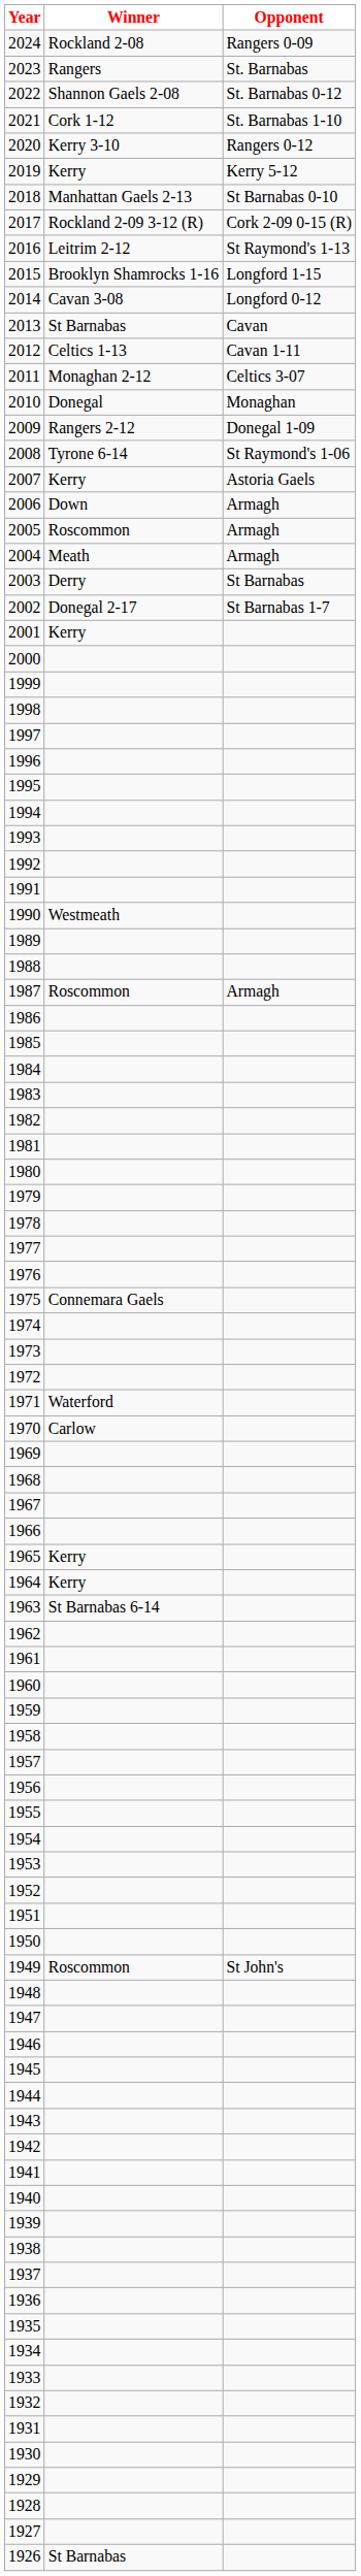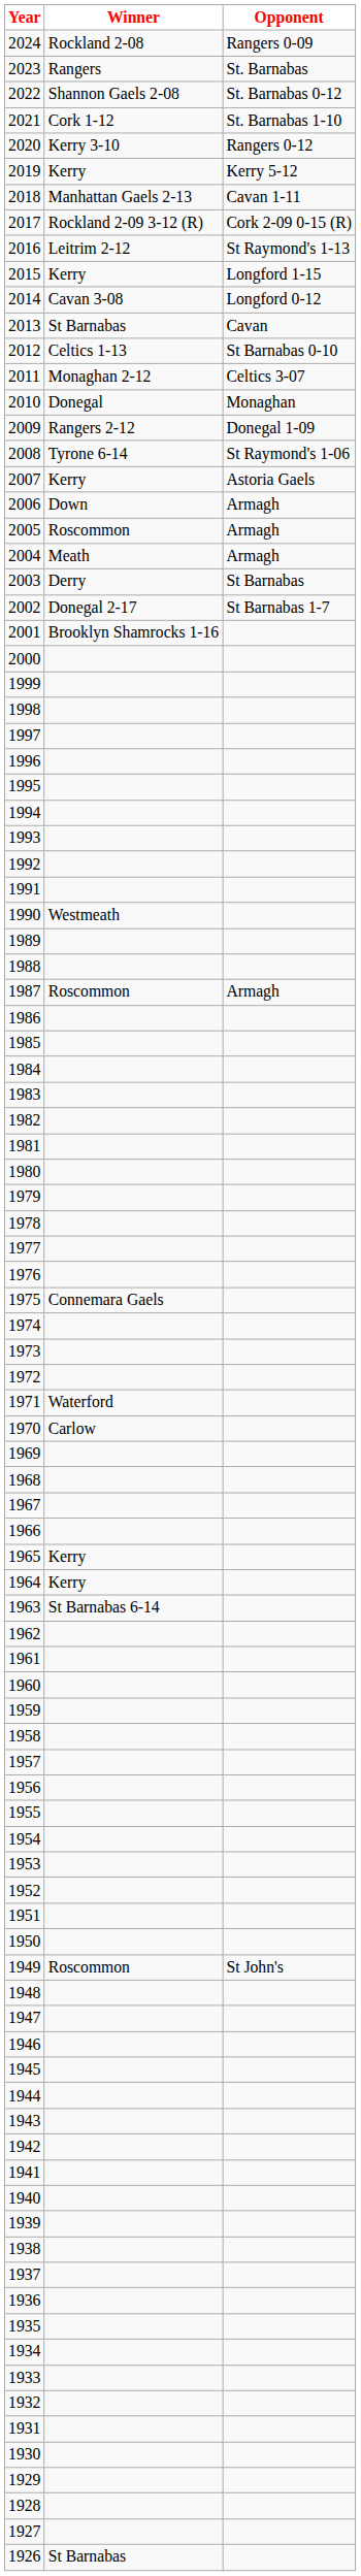 <table class="wikitable">
 <tr>
 <th style="background:white;color:red;">Year</th>
 <th style="background:white;color:red;">Winner</th>
 <th style="background:white;color:red;">Opponent</th>
 </tr>
 <tr>
 <td>2024</td>
 <td>Rockland 2-08</td>
 <td>Rangers 0-09</td>
 </tr>
 <tr>
 <td>2023</td>
 <td>Rangers</td>
 <td>St. Barnabas</td>
 </tr>
 <tr>
 <td>2022</td>
 <td>Shannon Gaels 2-08</td>
 <td>St. Barnabas 0-12</td>
 </tr>
 <tr>
 <td>2021</td>
 <td>Cork 1-12</td>
 <td>St. Barnabas 1-10</td>
 </tr>
 <tr>
 <td>2020</td>
 <td>Kerry 3-10</td>
 <td>Rangers 0-12</td>
 </tr>
 <tr>
 <td>2019</td>
 <td>Kerry</td>
 <td>Kerry 5-12</td>
 </tr>
 <tr>
 <td>2018</td>
 <td>Manhattan Gaels 2-13</td>
-<td>St Barnabas 0-10</td>
+<td>Cavan 1-11</td>
 </tr>
 <tr>
 <td>2017</td>
 <td>Rockland 2-09 3-12 (R)</td>
 <td>Cork 2-09 0-15 (R)</td>
 </tr>
 <tr>
 <td>2016</td>
 <td>Leitrim 2-12</td>
 <td>St Raymond's 1-13</td>
 </tr>
 <tr>
 <td>2015</td>
-<td>Brooklyn Shamrocks 1-16</td>
+<td>Kerry</td>
 <td>Longford 1-15</td>
 </tr>
 <tr>
 <td>2014</td>
 <td>Cavan 3-08</td>
 <td>Longford 0-12</td>
 </tr>
 <tr>
 <td>2013</td>
 <td>St Barnabas</td>
 <td>Cavan</td>
 </tr>
 <tr>
 <td>2012</td>
 <td>Celtics 1-13</td>
-<td>Cavan 1-11</td>
+<td>St Barnabas 0-10</td>
 </tr>
 <tr>
 <td>2011</td>
 <td>Monaghan 2-12</td>
 <td>Celtics 3-07</td>
 </tr>
 <tr>
 <td>2010</td>
 <td>Donegal</td>
 <td>Monaghan</td>
 </tr>
 <tr>
 <td>2009</td>
 <td>Rangers 2-12</td>
 <td>Donegal 1-09</td>
 </tr>
 <tr>
 <td>2008</td>
 <td>Tyrone 6-14</td>
 <td>St Raymond's 1-06</td>
 </tr>
 <tr>
 <td>2007</td>
 <td>Kerry</td>
 <td>Astoria Gaels</td>
 </tr>
 <tr>
 <td>2006</td>
 <td>Down</td>
 <td>Armagh</td>
 </tr>
 <tr>
 <td>2005</td>
 <td>Roscommon</td>
 <td>Armagh</td>
 </tr>
 <tr>
 <td>2004</td>
 <td>Meath</td>
 <td>Armagh</td>
 </tr>
 <tr>
 <td>2003</td>
 <td>Derry</td>
 <td>St Barnabas</td>
 </tr>
 <tr>
 <td>2002</td>
 <td>Donegal 2-17</td>
 <td>St Barnabas 1-7</td>
 </tr>
 <tr>
 <td>2001</td>
-<td>Kerry</td>
+<td>Brooklyn Shamrocks 1-16</td>
 <td></td>
 </tr>
 <tr>
 <td>2000</td>
 <td></td>
 <td></td>
 </tr>
 <tr>
 <td>1999</td>
 <td></td>
 <td></td>
 </tr>
 <tr>
 <td>1998</td>
 <td></td>
 <td></td>
 </tr>
 <tr>
 <td>1997</td>
 <td></td>
 <td></td>
 </tr>
 <tr>
 <td>1996</td>
 <td></td>
 <td></td>
 </tr>
 <tr>
 <td>1995</td>
 <td></td>
 <td></td>
 </tr>
 <tr>
 <td>1994</td>
 <td></td>
 <td></td>
 </tr>
 <tr>
 <td>1993</td>
 <td></td>
 <td></td>
 </tr>
 <tr>
 <td>1992</td>
 <td></td>
 <td></td>
 </tr>
 <tr>
 <td>1991</td>
 <td></td>
 <td></td>
 </tr>
 <tr>
 <td>1990</td>
 <td>Westmeath</td>
 <td></td>
 </tr>
 <tr>
 <td>1989</td>
 <td></td>
 <td></td>
 </tr>
 <tr>
 <td>1988</td>
 <td></td>
 <td></td>
 </tr>
 <tr>
 <td>1987</td>
 <td>Roscommon</td>
 <td>Armagh</td>
 </tr>
 <tr>
 <td>1986</td>
 <td></td>
 <td></td>
 </tr>
 <tr>
 <td>1985</td>
 <td></td>
 <td></td>
 </tr>
 <tr>
 <td>1984</td>
 <td></td>
 <td></td>
 </tr>
 <tr>
 <td>1983</td>
 <td></td>
 <td></td>
 </tr>
 <tr>
 <td>1982</td>
 <td></td>
 <td></td>
 </tr>
 <tr>
 <td>1981</td>
 <td></td>
 <td></td>
 </tr>
 <tr>
 <td>1980</td>
 <td></td>
 <td></td>
 </tr>
 <tr>
 <td>1979</td>
 <td></td>
 <td></td>
 </tr>
 <tr>
 <td>1978</td>
 <td></td>
 <td></td>
 </tr>
 <tr>
 <td>1977</td>
 <td></td>
 <td></td>
 </tr>
 <tr>
 <td>1976</td>
 <td></td>
 <td></td>
 </tr>
 <tr>
 <td>1975</td>
 <td>Connemara Gaels</td>
 <td></td>
 </tr>
 <tr>
 <td>1974</td>
 <td></td>
 <td></td>
 </tr>
 <tr>
 <td>1973</td>
 <td></td>
 <td></td>
 </tr>
 <tr>
 <td>1972</td>
 <td></td>
 <td></td>
 </tr>
 <tr>
 <td>1971</td>
 <td>Waterford</td>
 <td></td>
 </tr>
 <tr>
 <td>1970</td>
 <td>Carlow</td>
 <td></td>
 </tr>
 <tr>
 <td>1969</td>
 <td></td>
 <td></td>
 </tr>
 <tr>
 <td>1968</td>
 <td></td>
 <td></td>
 </tr>
 <tr>
 <td>1967</td>
 <td></td>
 <td></td>
 </tr>
 <tr>
 <td>1966</td>
 <td></td>
 <td></td>
 </tr>
 <tr>
 <td>1965</td>
 <td>Kerry</td>
 <td></td>
 </tr>
 <tr>
 <td>1964</td>
 <td>Kerry</td>
 <td></td>
 </tr>
 <tr>
 <td>1963</td>
 <td>St Barnabas 6-14</td>
 <td></td>
 </tr>
 <tr>
 <td>1962</td>
 <td></td>
 <td></td>
 </tr>
 <tr>
 <td>1961</td>
 <td></td>
 <td></td>
 </tr>
 <tr>
 <td>1960</td>
 <td></td>
 <td></td>
 </tr>
 <tr>
 <td>1959</td>
 <td></td>
 <td></td>
 </tr>
 <tr>
 <td>1958</td>
 <td></td>
 <td></td>
 </tr>
 <tr>
 <td>1957</td>
 <td></td>
 <td></td>
 </tr>
 <tr>
 <td>1956</td>
 <td></td>
 <td></td>
 </tr>
 <tr>
 <td>1955</td>
 <td></td>
 <td></td>
 </tr>
 <tr>
 <td>1954</td>
 <td></td>
 <td></td>
 </tr>
 <tr>
 <td>1953</td>
 <td></td>
 <td></td>
 </tr>
 <tr>
 <td>1952</td>
 <td></td>
 <td></td>
 </tr>
 <tr>
 <td>1951</td>
 <td></td>
 <td></td>
 </tr>
 <tr>
 <td>1950</td>
 <td></td>
 <td></td>
 </tr>
 <tr>
 <td>1949</td>
 <td>Roscommon</td>
 <td>St John's</td>
 </tr>
 <tr>
 <td>1948</td>
 <td></td>
 <td></td>
 </tr>
 <tr>
 <td>1947</td>
 <td></td>
 <td></td>
 </tr>
 <tr>
 <td>1946</td>
 <td></td>
 <td></td>
 </tr>
 <tr>
 <td>1945</td>
 <td></td>
 <td></td>
 </tr>
 <tr>
 <td>1944</td>
 <td></td>
 <td></td>
 </tr>
 <tr>
 <td>1943</td>
 <td></td>
 <td></td>
 </tr>
 <tr>
 <td>1942</td>
 <td></td>
 <td></td>
 </tr>
 <tr>
 <td>1941</td>
 <td></td>
 <td></td>
 </tr>
 <tr>
 <td>1940</td>
 <td></td>
 <td></td>
 </tr>
 <tr>
 <td>1939</td>
 <td></td>
 <td></td>
 </tr>
 <tr>
 <td>1938</td>
 <td></td>
 <td></td>
 </tr>
 <tr>
 <td>1937</td>
 <td></td>
 <td></td>
 </tr>
 <tr>
 <td>1936</td>
 <td></td>
 <td></td>
 </tr>
 <tr>
 <td>1935</td>
 <td></td>
 <td></td>
 </tr>
 <tr>
 <td>1934</td>
 <td></td>
 <td></td>
 </tr>
 <tr>
 <td>1933</td>
 <td></td>
 <td></td>
 </tr>
 <tr>
 <td>1932</td>
 <td></td>
 <td></td>
 </tr>
 <tr>
 <td>1931</td>
 <td></td>
 <td></td>
 </tr>
 <tr>
 <td>1930</td>
 <td></td>
 <td></td>
 </tr>
 <tr>
 <td>1929</td>
 <td></td>
 <td></td>
 </tr>
 <tr>
 <td>1928</td>
 <td></td>
 <td></td>
 </tr>
 <tr>
 <td>1927</td>
 <td></td>
 <td></td>
 </tr>
 <tr>
 <td>1926</td>
 <td>St Barnabas</td>
 <td></td>
 </tr>
 </table>
